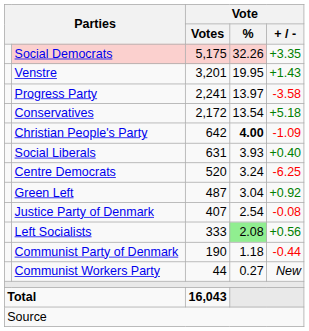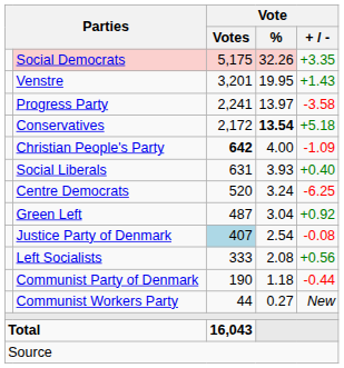 <table class="wikitable" style="text-align:right;">
 <tr>
 <th style="text-align:centre;" rowspan="2" colspan="2" width="225">Parties</th>
 <th colspan="3">Vote</th>
 </tr>
 <tr>
 <th width="15">Votes</th>
 <th width="15">%</th>
 <th width="15">+ / -</th>
 </tr>
 <tr>
 <td width="2" style="color:inherit;background:"></td>
 <td bgcolor=#fbd0ce  align="left"><a href='#'>Social Democrats</a></td>
 <td bgcolor=#fbd0ce>5,175</td>
 <td bgcolor=#fbd0ce>32.26</td>
 <td style=color:green;>+3.35</td>
 </tr>
 <tr>
 <td width="2" style="color:inherit;background:"></td>
 <td align="left"><a href='#'>Venstre</a></td>
 <td>3,201</td>
 <td>19.95</td>
 <td style=color:green;>+1.43</td>
 </tr>
 <tr>
 <td width="2" style="color:inherit;background:"></td>
 <td align="left"><a href='#'>Progress Party</a></td>
 <td>2,241</td>
 <td>13.97</td>
 <td style=color:red;>-3.58</td>
 </tr>
 <tr>
 <td width="2" style="color:inherit;background:"></td>
 <td align="left"><a href='#'>Conservatives</a></td>
 <td>2,172</td>
-<td>13.54</td>
+<td><strong>13.54</strong></td>
 <td style=color:green;>+5.18</td>
 </tr>
 <tr>
 <td width="2" style="color:inherit;background:"></td>
 <td align="left"><a href='#'>Christian People's Party</a></td>
-<td>642</td>
-<td><strong>4.00</strong></td>
+<td><strong>642</strong></td>
+<td>4.00</td>
 <td style=color:red;>-1.09</td>
 </tr>
 <tr>
 <td width="2" style="color:inherit;background:"></td>
 <td align="left"><a href='#'>Social Liberals</a></td>
 <td>631</td>
 <td>3.93</td>
 <td style=color:green;>+0.40</td>
 </tr>
 <tr>
 <td width="2" style="color:inherit;background:"></td>
 <td align="left"><a href='#'>Centre Democrats</a></td>
 <td>520</td>
 <td>3.24</td>
 <td style=color:red;>-6.25</td>
 </tr>
 <tr>
 <td width="2" style="color:inherit;background:"></td>
 <td align="left"><a href='#'>Green Left</a></td>
 <td>487</td>
 <td>3.04</td>
 <td style=color:green;>+0.92</td>
 </tr>
 <tr>
 <td width="2" style="color:inherit;background:"></td>
 <td align="left"><a href='#'>Justice Party of Denmark</a></td>
-<td>407</td>
+<td style="background: lightblue;">407</td>
 <td>2.54</td>
 <td style=color:red;>-0.08</td>
 </tr>
 <tr>
 <td width="2" style="color:inherit;background:"></td>
 <td align="left"><a href='#'>Left Socialists</a></td>
 <td>333</td>
-<td style="background: lightgreen;">2.08</td>
+<td>2.08</td>
 <td style=color:green;>+0.56</td>
 </tr>
 <tr>
 <td width="2" style="color:inherit;background:"></td>
 <td align="left"><a href='#'>Communist Party of Denmark</a></td>
 <td>190</td>
 <td>1.18</td>
 <td style=color:red;>-0.44</td>
 </tr>
 <tr>
 <td width="2" style="color:inherit;background:"></td>
 <td align="left"><a href='#'>Communist Workers Party</a></td>
 <td>44</td>
 <td>0.27</td>
 <td><em>New</em></td>
 </tr>
 <tr>
 <td colspan="7" bgcolor="#E9E9E9"></td>
 </tr>
 <tr>
 <td align="left" colspan="2"><strong>Total</strong></td>
 <td><strong>16,043</strong></td>
 <td bgcolor="#E9E9E9" colspan="2"></td>
 </tr>
 <tr>
 <td align="left" colspan="6">Source</td>
 </tr>
 </table>
